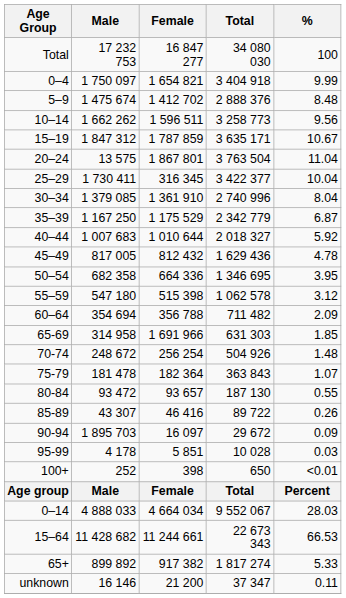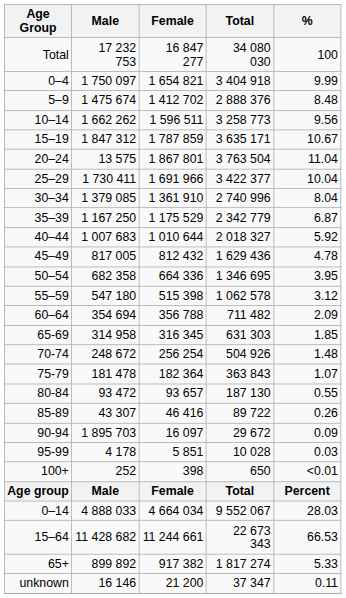 <table class="wikitable">
 <tr>
 <th width="80pt">Age Group</th>
 <th width="80pt">Male</th>
 <th width="80pt">Female</th>
 <th width="80pt">Total</th>
 <th width="80pt">%</th>
 </tr>
 <tr>
 <td align="right">Total</td>
 <td align="right">17 232 753</td>
 <td align="right">16 847 277</td>
 <td align="right">34 080 030</td>
 <td align="right">100</td>
 </tr>
 <tr>
 <td align="right">0–4</td>
 <td align="right">1 750 097</td>
 <td align="right">1 654 821</td>
 <td align="right">3 404 918</td>
 <td align="right">9.99</td>
 </tr>
 <tr>
 <td align="right">5–9</td>
 <td align="right">1 475 674</td>
 <td align="right">1 412 702</td>
 <td align="right">2 888 376</td>
 <td align="right">8.48</td>
 </tr>
 <tr>
 <td align="right">10–14</td>
 <td align="right">1 662 262</td>
 <td align="right">1 596 511</td>
 <td align="right">3 258 773</td>
 <td align="right">9.56</td>
 </tr>
 <tr>
 <td align="right">15–19</td>
 <td align="right">1 847 312</td>
 <td align="right">1 787 859</td>
 <td align="right">3 635 171</td>
 <td align="right">10.67</td>
 </tr>
 <tr>
 <td align="right">20–24</td>
 <td align="right">13 575</td>
 <td align="right">1 867 801</td>
 <td align="right">3 763 504</td>
 <td align="right">11.04</td>
 </tr>
 <tr>
 <td align="right">25–29</td>
 <td align="right">1 730 411</td>
-<td align="right">316 345</td>
+<td align="right">1 691 966</td>
 <td align="right">3 422 377</td>
 <td align="right">10.04</td>
 </tr>
 <tr>
 <td align="right">30–34</td>
 <td align="right">1 379 085</td>
 <td align="right">1 361 910</td>
 <td align="right">2 740 996</td>
 <td align="right">8.04</td>
 </tr>
 <tr>
 <td align="right">35–39</td>
 <td align="right">1 167 250</td>
 <td align="right">1 175 529</td>
 <td align="right">2 342 779</td>
 <td align="right">6.87</td>
 </tr>
 <tr>
 <td align="right">40–44</td>
 <td align="right">1 007 683</td>
 <td align="right">1 010 644</td>
 <td align="right">2 018 327</td>
 <td align="right">5.92</td>
 </tr>
 <tr>
 <td align="right">45–49</td>
 <td align="right">817 005</td>
 <td align="right">812 432</td>
 <td align="right">1 629 436</td>
 <td align="right">4.78</td>
 </tr>
 <tr>
 <td align="right">50–54</td>
 <td align="right">682 358</td>
 <td align="right">664 336</td>
 <td align="right">1 346 695</td>
 <td align="right">3.95</td>
 </tr>
 <tr>
 <td align="right">55–59</td>
 <td align="right">547 180</td>
 <td align="right">515 398</td>
 <td align="right">1 062 578</td>
 <td align="right">3.12</td>
 </tr>
 <tr>
 <td align="right">60–64</td>
 <td align="right">354 694</td>
 <td align="right">356 788</td>
 <td align="right">711 482</td>
 <td align="right">2.09</td>
 </tr>
 <tr>
 <td align="right">65-69</td>
 <td align="right">314 958</td>
-<td align="right">1 691 966</td>
+<td align="right">316 345</td>
 <td align="right">631 303</td>
 <td align="right">1.85</td>
 </tr>
 <tr>
 <td align="right">70-74</td>
 <td align="right">248 672</td>
 <td align="right">256 254</td>
 <td align="right">504 926</td>
 <td align="right">1.48</td>
 </tr>
 <tr>
 <td align="right">75-79</td>
 <td align="right">181 478</td>
 <td align="right">182 364</td>
 <td align="right">363 843</td>
 <td align="right">1.07</td>
 </tr>
 <tr>
 <td align="right">80-84</td>
 <td align="right">93 472</td>
 <td align="right">93 657</td>
 <td align="right">187 130</td>
 <td align="right">0.55</td>
 </tr>
 <tr>
 <td align="right">85-89</td>
 <td align="right">43 307</td>
 <td align="right">46 416</td>
 <td align="right">89 722</td>
 <td align="right">0.26</td>
 </tr>
 <tr>
 <td align="right">90-94</td>
 <td align="right">1 895 703</td>
 <td align="right">16 097</td>
 <td align="right">29 672</td>
 <td align="right">0.09</td>
 </tr>
 <tr>
 <td align="right">95-99</td>
 <td align="right">4 178</td>
 <td align="right">5 851</td>
 <td align="right">10 028</td>
 <td align="right">0.03</td>
 </tr>
 <tr>
 <td align="right">100+</td>
 <td align="right">252</td>
 <td align="right">398</td>
 <td align="right">650</td>
 <td align="right"><0.01</td>
 </tr>
 <tr>
 <th width="50">Age group</th>
 <th width="80pt">Male</th>
 <th width="80">Female</th>
 <th width="80">Total</th>
 <th width="50">Percent</th>
 </tr>
 <tr>
 <td align="right">0–14</td>
 <td align="right">4 888 033</td>
 <td align="right">4 664 034</td>
 <td align="right">9 552 067</td>
 <td align="right">28.03</td>
 </tr>
 <tr>
 <td align="right">15–64</td>
 <td align="right">11 428 682</td>
 <td align="right">11 244 661</td>
 <td align="right">22 673 343</td>
 <td align="right">66.53</td>
 </tr>
 <tr>
 <td align="right">65+</td>
 <td align="right">899 892</td>
 <td align="right">917 382</td>
 <td align="right">1 817 274</td>
 <td align="right">5.33</td>
 </tr>
 <tr>
 <td align="right">unknown</td>
 <td align="right">16 146</td>
 <td align="right">21 200</td>
 <td align="right">37 347</td>
 <td align="right">0.11</td>
 </tr>
 <tr>
 </tr>
 </table>
